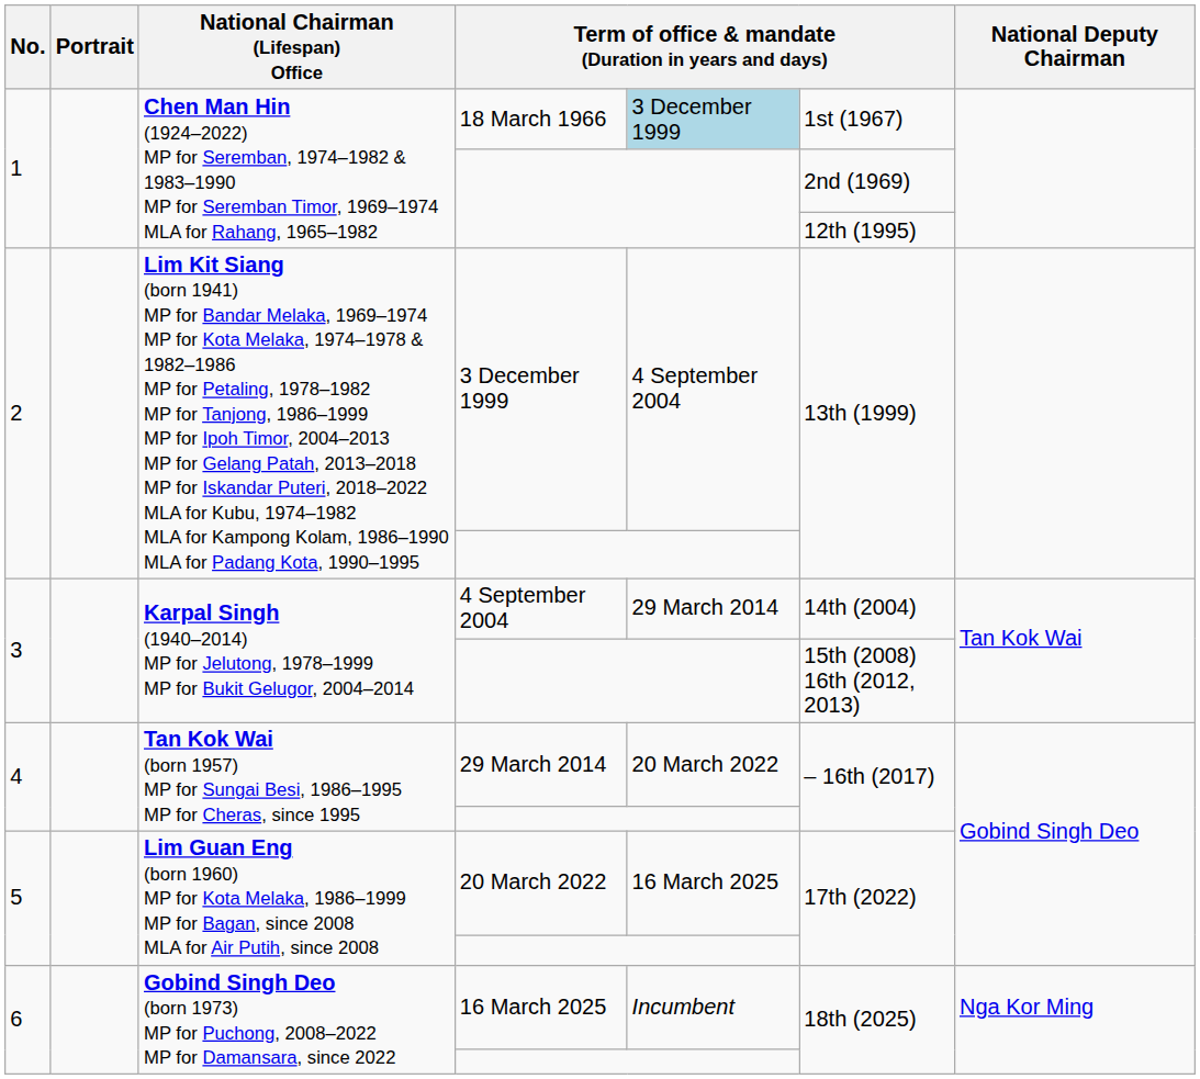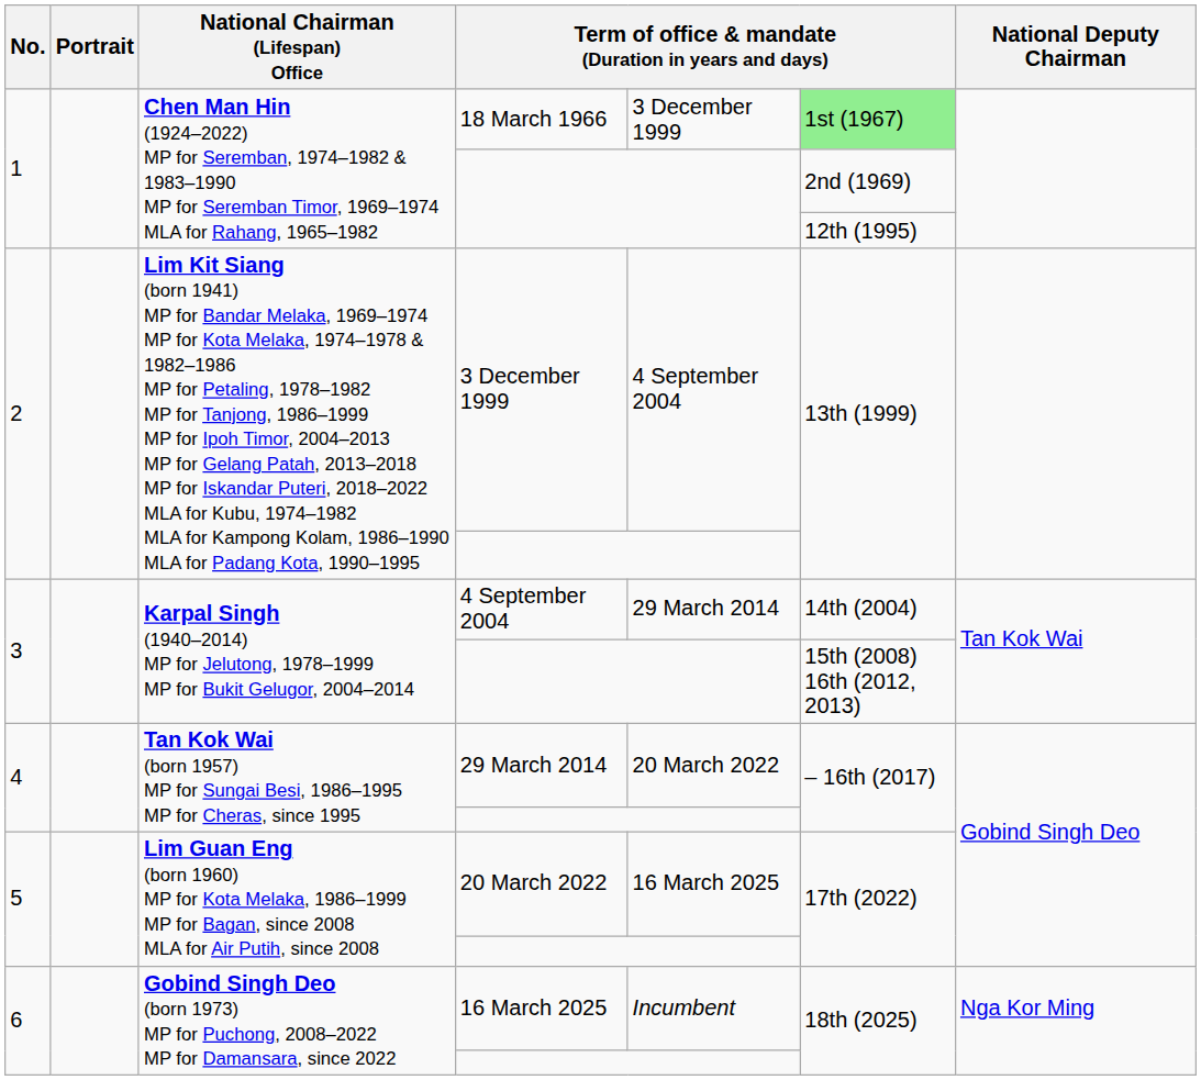 <table class="wikitable">
 <tr>
 <th>No.</th>
 <th>Portrait</th>
 <th>National Chairman<br><small>(Lifespan)</small><br><small>Office</small></th>
 <th colspan="3">Term of office & mandate<br><small>(Duration in years and days)</small></th>
 <th>National Deputy Chairman</th>
 </tr>
 <tr>
 <td rowspan="3">1</td>
 <td rowspan="3"></td>
 <td rowspan="3"><strong><a href='#'>Chen Man Hin</a></strong><br><small>(1924–2022) </small> <br> <small> MP for <a href='#'>Seremban</a>, 1974–1982 & 1983–1990 </small><br><small>MP for <a href='#'>Seremban Timor</a>, 1969–1974 </small><br><small> MLA for <a href='#'>Rahang</a>, 1965–1982</small></td>
 <td>18 March 1966</td>
-<td style="background: lightblue;">3 December 1999</td>
-<td>1st (1967)</td>
+<td>3 December 1999</td>
+<td style="background: lightgreen;">1st (1967)</td>
 <td rowspan="3"></td>
 </tr>
 <tr>
 <td colspan="2" rowspan="2" align="center"></td>
 <td>2nd (1969)</td>
 </tr>
 <tr>
 <td>12th (1995)</td>
 </tr>
 <tr>
 <td rowspan="2">2</td>
 <td rowspan="2"></td>
 <td rowspan="2"><strong><a href='#'>Lim Kit Siang</a></strong><br> <small>(born 1941) </small> <br> <small> MP for <a href='#'>Bandar Melaka</a>, 1969–1974</small><br><small>MP for <a href='#'>Kota Melaka</a>, 1974–1978 & 1982–1986</small><br><small>MP for <a href='#'>Petaling</a>, 1978–1982</small><br><small>MP for <a href='#'>Tanjong</a>, 1986–1999</small><br><small>MP for <a href='#'>Ipoh Timor</a>, 2004–2013</small><br><small>MP for <a href='#'>Gelang Patah</a>, 2013–2018</small><br><small>MP for <a href='#'>Iskandar Puteri</a>, 2018–2022</small><br><small> MLA for Kubu, 1974–1982</small><br><small>MLA for Kampong Kolam, 1986–1990</small><br><small>MLA for <a href='#'>Padang Kota</a>, 1990–1995</small></td>
 <td>3 December 1999</td>
 <td>4 September 2004</td>
 <td rowspan="2">13th (1999)</td>
 </tr>
 <tr>
 <td colspan="2" align="center"></td>
 </tr>
 <tr>
 <td rowspan="2">3</td>
 <td rowspan="2"></td>
 <td rowspan="2"><strong><a href='#'>Karpal Singh</a></strong> <br><small>(1940–2014)</small> <br> <small> MP for <a href='#'>Jelutong</a>, 1978–1999 </small><br><small>MP for <a href='#'>Bukit Gelugor</a>, 2004–2014 </small></td>
 <td>4 September 2004</td>
 <td>29 March 2014</td>
 <td>14th (2004)</td>
 <td rowspan="2"><a href='#'>Tan Kok Wai</a> <br>  <br> </td>
 </tr>
 <tr>
 <td colspan="2" align="center"></td>
 <td>15th (2008)<br>16th (2012, 2013)</td>
 </tr>
 <tr>
 <td rowspan="2">4</td>
 <td rowspan="2"></td>
 <td rowspan="2"><strong><a href='#'>Tan Kok Wai</a></strong> <br><small>(born 1957)</small> <br> <small> MP for <a href='#'>Sungai Besi</a>, 1986–1995 </small><br><small>MP for <a href='#'>Cheras</a>, since 1995 </small></td>
 <td>29 March 2014</td>
 <td>20 March 2022</td>
 <td rowspan="2">– 16th (2017)</td>
 <td rowspan="4"><a href='#'>Gobind Singh Deo</a> <br>  <br> </td>
 </tr>
 <tr>
 <td colspan="2" align="center"></td>
 </tr>
 <tr>
 <td rowspan="2">5</td>
 <td rowspan="2"></td>
 <td rowspan="2"><strong><a href='#'>Lim Guan Eng</a></strong> <br><small>(born 1960)</small> <br> <small> MP for <a href='#'>Kota Melaka</a>, 1986–1999 </small><br><small>MP for <a href='#'>Bagan</a>, since 2008 </small><br> <small>MLA for <a href='#'>Air Putih</a>, since 2008 </small></td>
 <td>20 March 2022</td>
 <td>16 March 2025</td>
 <td rowspan="2">17th (2022)</td>
 </tr>
 <tr>
 <td colspan="2" align="center"></td>
 </tr>
 <tr>
 <td rowspan="2">6</td>
 <td rowspan="2"></td>
 <td rowspan="2"><strong><a href='#'>Gobind Singh Deo</a></strong> <br><small>(born 1973)</small> <br> <small> MP for <a href='#'>Puchong</a>, 2008–2022 </small><br><small>MP for <a href='#'>Damansara</a>, since 2022 </small></td>
 <td>16 March 2025</td>
 <td><em>Incumbent</em></td>
 <td rowspan="2">18th (2025)</td>
 <td rowspan="2"><a href='#'>Nga Kor Ming</a> <br>  <br> </td>
 </tr>
 <tr>
 <td colspan="2"></td>
 </tr>
 </table>
